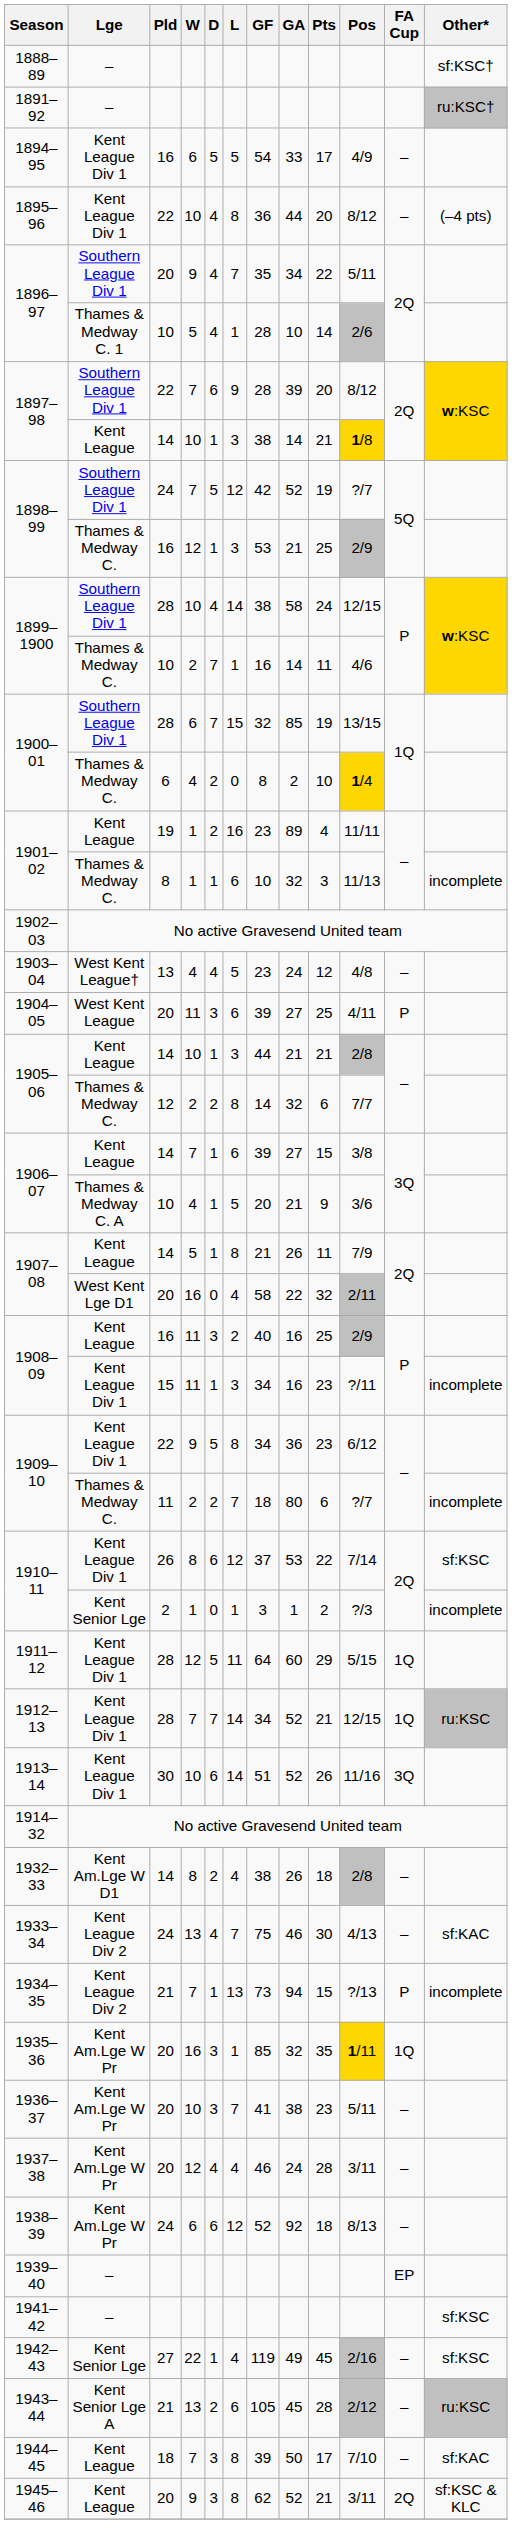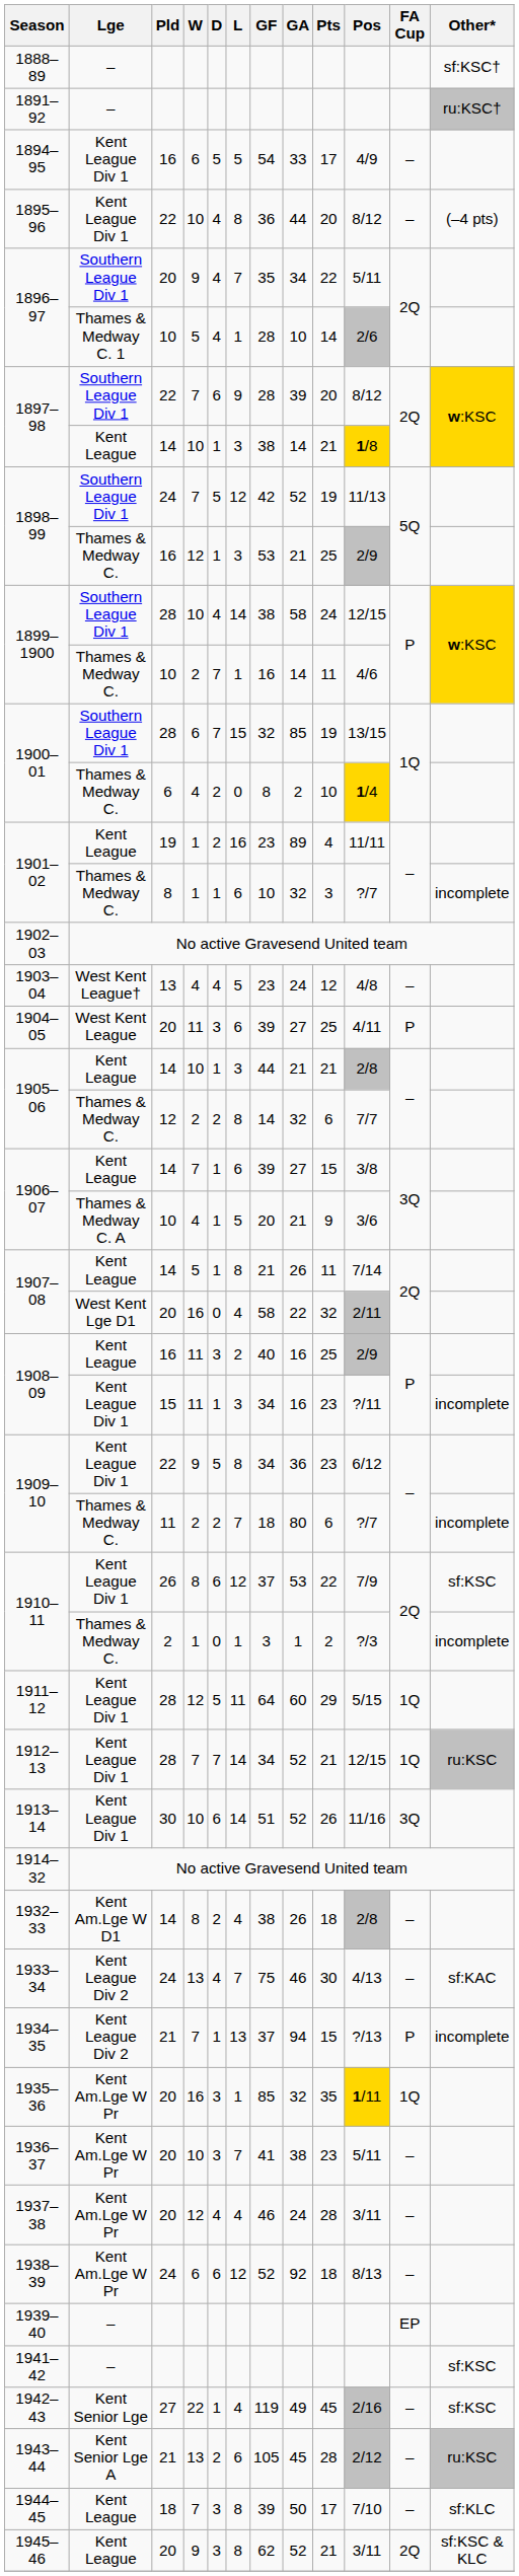 <table class="wikitable" style="width:85%; align:center; text-align:center">
 <tr>
 <th>Season</th>
 <th>Lge</th>
 <th>Pld</th>
 <th>W</th>
 <th>D</th>
 <th>L</th>
 <th>GF</th>
 <th>GA</th>
 <th>Pts</th>
 <th>Pos</th>
 <th>FA Cup</th>
 <th>Other*</th>
 </tr>
 <tr>
 <td>1888–89</td>
 <td>–</td>
 <td></td>
 <td></td>
 <td></td>
 <td></td>
 <td></td>
 <td></td>
 <td></td>
 <td></td>
 <td></td>
 <td>sf:KSC†</td>
 </tr>
 <tr>
 <td>1891–92</td>
 <td>–</td>
 <td></td>
 <td></td>
 <td></td>
 <td></td>
 <td></td>
 <td></td>
 <td></td>
 <td></td>
 <td></td>
 <td bgcolor=silver>ru:KSC†</td>
 </tr>
 <tr>
 <td>1894–95</td>
 <td>Kent League Div 1</td>
 <td>16</td>
 <td>6</td>
 <td>5</td>
 <td>5</td>
 <td>54</td>
 <td>33</td>
 <td>17</td>
 <td>4/9</td>
 <td>–</td>
 <td></td>
 </tr>
 <tr>
 <td>1895–96</td>
 <td>Kent League Div 1</td>
 <td>22</td>
 <td>10</td>
 <td>4</td>
 <td>8</td>
 <td>36</td>
 <td>44</td>
 <td>20</td>
 <td>8/12</td>
 <td>–</td>
 <td>(–4 pts)</td>
 </tr>
 <tr>
 <td Rowspan="2">1896–97</td>
 <td><a href='#'>Southern League Div 1</a></td>
 <td>20</td>
 <td>9</td>
 <td>4</td>
 <td>7</td>
 <td>35</td>
 <td>34</td>
 <td>22</td>
 <td>5/11</td>
 <td Rowspan="2">2Q</td>
 <td></td>
 </tr>
 <tr>
 <td>Thames & Medway C. 1</td>
 <td>10</td>
 <td>5</td>
 <td>4</td>
 <td>1</td>
 <td>28</td>
 <td>10</td>
 <td>14</td>
 <td bgcolor=silver>2/6</td>
 </tr>
 <tr>
 <td Rowspan="2">1897–98</td>
 <td><a href='#'>Southern League Div 1</a></td>
 <td>22</td>
 <td>7</td>
 <td>6</td>
 <td>9</td>
 <td>28</td>
 <td>39</td>
 <td>20</td>
 <td>8/12</td>
 <td Rowspan="2">2Q</td>
 <td Rowspan="2" bgcolor=gold><strong>w</strong>:KSC</td>
 </tr>
 <tr>
 <td>Kent League</td>
 <td>14</td>
 <td>10</td>
 <td>1</td>
 <td>3</td>
 <td>38</td>
 <td>14</td>
 <td>21</td>
 <td bgcolor=gold><strong>1</strong>/8</td>
 </tr>
 <tr>
 <td Rowspan="2">1898–99</td>
 <td><a href='#'>Southern League Div 1</a></td>
 <td>24</td>
 <td>7</td>
 <td>5</td>
 <td>12</td>
 <td>42</td>
 <td>52</td>
 <td>19</td>
-<td>?/7</td>
+<td>11/13</td>
 <td Rowspan="2">5Q</td>
 <td></td>
 </tr>
 <tr>
 <td>Thames & Medway C.</td>
 <td>16</td>
 <td>12</td>
 <td>1</td>
 <td>3</td>
 <td>53</td>
 <td>21</td>
 <td>25</td>
 <td bgcolor=silver>2/9</td>
 </tr>
 <tr>
 <td Rowspan="2">1899–1900</td>
 <td><a href='#'>Southern League Div 1</a></td>
 <td>28</td>
 <td>10</td>
 <td>4</td>
 <td>14</td>
 <td>38</td>
 <td>58</td>
 <td>24</td>
 <td>12/15</td>
 <td Rowspan="2">P</td>
 <td Rowspan="2" bgcolor=gold><strong>w</strong>:KSC</td>
 </tr>
 <tr>
 <td>Thames & Medway C.</td>
 <td>10</td>
 <td>2</td>
 <td>7</td>
 <td>1</td>
 <td>16</td>
 <td>14</td>
 <td>11</td>
 <td>4/6</td>
 </tr>
 <tr>
 <td Rowspan="2">1900–01</td>
 <td><a href='#'>Southern League Div 1</a></td>
 <td>28</td>
 <td>6</td>
 <td>7</td>
 <td>15</td>
 <td>32</td>
 <td>85</td>
 <td>19</td>
 <td>13/15</td>
 <td Rowspan="2">1Q</td>
 <td></td>
 </tr>
 <tr>
 <td>Thames & Medway C.</td>
 <td>6</td>
 <td>4</td>
 <td>2</td>
 <td>0</td>
 <td>8</td>
 <td>2</td>
 <td>10</td>
 <td bgcolor=gold><strong>1</strong>/4</td>
 </tr>
 <tr>
 <td Rowspan="2">1901–02</td>
 <td>Kent League</td>
 <td>19</td>
 <td>1</td>
 <td>2</td>
 <td>16</td>
 <td>23</td>
 <td>89</td>
 <td>4</td>
 <td>11/11</td>
 <td Rowspan="2">–</td>
 <td></td>
 </tr>
 <tr>
 <td>Thames & Medway C.</td>
 <td>8</td>
 <td>1</td>
 <td>1</td>
 <td>6</td>
 <td>10</td>
 <td>32</td>
 <td>3</td>
-<td>11/13</td>
+<td>?/7</td>
 <td>incomplete</td>
 </tr>
 <tr>
 <td>1902–03</td>
 <td Colspan=11>No active Gravesend United team</td>
 </tr>
 <tr>
 <td>1903–04</td>
 <td>West Kent League†</td>
 <td>13</td>
 <td>4</td>
 <td>4</td>
 <td>5</td>
 <td>23</td>
 <td>24</td>
 <td>12</td>
 <td>4/8</td>
 <td>–</td>
 <td></td>
 </tr>
 <tr>
 <td>1904–05</td>
 <td>West Kent League</td>
 <td>20</td>
 <td>11</td>
 <td>3</td>
 <td>6</td>
 <td>39</td>
 <td>27</td>
 <td>25</td>
 <td>4/11</td>
 <td>P</td>
 <td></td>
 </tr>
 <tr>
 <td Rowspan="2">1905–06</td>
 <td>Kent League</td>
 <td>14</td>
 <td>10</td>
 <td>1</td>
 <td>3</td>
 <td>44</td>
 <td>21</td>
 <td>21</td>
 <td bgcolor=silver>2/8</td>
 <td Rowspan="2">–</td>
 <td></td>
 </tr>
 <tr>
 <td>Thames & Medway C.</td>
 <td>12</td>
 <td>2</td>
 <td>2</td>
 <td>8</td>
 <td>14</td>
 <td>32</td>
 <td>6</td>
 <td>7/7</td>
 </tr>
 <tr>
 <td Rowspan="2">1906–07</td>
 <td>Kent League</td>
 <td>14</td>
 <td>7</td>
 <td>1</td>
 <td>6</td>
 <td>39</td>
 <td>27</td>
 <td>15</td>
 <td>3/8</td>
 <td Rowspan="2">3Q</td>
 <td></td>
 </tr>
 <tr>
 <td>Thames & Medway C. A</td>
 <td>10</td>
 <td>4</td>
 <td>1</td>
 <td>5</td>
 <td>20</td>
 <td>21</td>
 <td>9</td>
 <td>3/6</td>
 </tr>
 <tr>
 <td Rowspan="2">1907–08</td>
 <td>Kent League</td>
 <td>14</td>
 <td>5</td>
 <td>1</td>
 <td>8</td>
 <td>21</td>
 <td>26</td>
 <td>11</td>
-<td>7/9</td>
+<td>7/14</td>
 <td Rowspan="2">2Q</td>
 <td></td>
 </tr>
 <tr>
 <td>West Kent Lge D1</td>
 <td>20</td>
 <td>16</td>
 <td>0</td>
 <td>4</td>
 <td>58</td>
 <td>22</td>
 <td>32</td>
 <td bgcolor=silver>2/11</td>
 </tr>
 <tr>
 <td Rowspan="2">1908–09</td>
 <td>Kent League</td>
 <td>16</td>
 <td>11</td>
 <td>3</td>
 <td>2</td>
 <td>40</td>
 <td>16</td>
 <td>25</td>
 <td bgcolor=silver>2/9</td>
 <td Rowspan="2">P</td>
 <td></td>
 </tr>
 <tr>
 <td>Kent League Div 1</td>
 <td>15</td>
 <td>11</td>
 <td>1</td>
 <td>3</td>
 <td>34</td>
 <td>16</td>
 <td>23</td>
 <td>?/11</td>
 <td>incomplete</td>
 </tr>
 <tr>
 <td Rowspan="2">1909–10</td>
 <td>Kent League Div 1</td>
 <td>22</td>
 <td>9</td>
 <td>5</td>
 <td>8</td>
 <td>34</td>
 <td>36</td>
 <td>23</td>
 <td>6/12</td>
 <td Rowspan="2">–</td>
 <td></td>
 </tr>
 <tr>
 <td>Thames & Medway C.</td>
 <td>11</td>
 <td>2</td>
 <td>2</td>
 <td>7</td>
 <td>18</td>
 <td>80</td>
 <td>6</td>
 <td>?/7</td>
 <td>incomplete</td>
 </tr>
 <tr>
 <td Rowspan="2">1910–11</td>
 <td>Kent League Div 1</td>
 <td>26</td>
 <td>8</td>
 <td>6</td>
 <td>12</td>
 <td>37</td>
 <td>53</td>
 <td>22</td>
-<td>7/14</td>
+<td>7/9</td>
 <td Rowspan="2">2Q</td>
 <td>sf:KSC</td>
 </tr>
 <tr>
-<td>Kent Senior Lge</td>
+<td>Thames & Medway C.</td>
 <td>2</td>
 <td>1</td>
 <td>0</td>
 <td>1</td>
 <td>3</td>
 <td>1</td>
 <td>2</td>
 <td>?/3</td>
 <td>incomplete</td>
 </tr>
 <tr>
 <td>1911–12</td>
 <td>Kent League Div 1</td>
 <td>28</td>
 <td>12</td>
 <td>5</td>
 <td>11</td>
 <td>64</td>
 <td>60</td>
 <td>29</td>
 <td>5/15</td>
 <td>1Q</td>
 <td></td>
 </tr>
 <tr>
 <td>1912–13</td>
 <td>Kent League Div 1</td>
 <td>28</td>
 <td>7</td>
 <td>7</td>
 <td>14</td>
 <td>34</td>
 <td>52</td>
 <td>21</td>
 <td>12/15</td>
 <td>1Q</td>
 <td bgcolor=silver>ru:KSC</td>
 </tr>
 <tr>
 <td>1913–14</td>
 <td>Kent League Div 1</td>
 <td>30</td>
 <td>10</td>
 <td>6</td>
 <td>14</td>
 <td>51</td>
 <td>52</td>
 <td>26</td>
 <td>11/16</td>
 <td>3Q</td>
 <td></td>
 </tr>
 <tr>
 <td>1914–32</td>
 <td Colspan=11>No active Gravesend United team</td>
 </tr>
 <tr>
 <td>1932–33</td>
 <td>Kent Am.Lge W D1</td>
 <td>14</td>
 <td>8</td>
 <td>2</td>
 <td>4</td>
 <td>38</td>
 <td>26</td>
 <td>18</td>
 <td bgcolor=silver>2/8</td>
 <td>–</td>
 <td></td>
 </tr>
 <tr>
 <td>1933–34</td>
 <td>Kent League Div 2</td>
 <td>24</td>
 <td>13</td>
 <td>4</td>
 <td>7</td>
 <td>75</td>
 <td>46</td>
 <td>30</td>
 <td>4/13</td>
 <td>–</td>
 <td>sf:KAC</td>
 </tr>
 <tr>
 <td>1934–35</td>
 <td>Kent League Div 2</td>
 <td>21</td>
 <td>7</td>
 <td>1</td>
 <td>13</td>
-<td>73</td>
+<td>37</td>
 <td>94</td>
 <td>15</td>
 <td>?/13</td>
 <td>P</td>
 <td>incomplete</td>
 </tr>
 <tr>
 <td>1935–36</td>
 <td>Kent Am.Lge W Pr</td>
 <td>20</td>
 <td>16</td>
 <td>3</td>
 <td>1</td>
 <td>85</td>
 <td>32</td>
 <td>35</td>
 <td bgcolor=gold><strong>1</strong>/11</td>
 <td>1Q</td>
 <td></td>
 </tr>
 <tr>
 <td>1936–37</td>
 <td>Kent Am.Lge W Pr</td>
 <td>20</td>
 <td>10</td>
 <td>3</td>
 <td>7</td>
 <td>41</td>
 <td>38</td>
 <td>23</td>
 <td>5/11</td>
 <td>–</td>
 <td></td>
 </tr>
 <tr>
 <td>1937–38</td>
 <td>Kent Am.Lge W Pr</td>
 <td>20</td>
 <td>12</td>
 <td>4</td>
 <td>4</td>
 <td>46</td>
 <td>24</td>
 <td>28</td>
 <td>3/11</td>
 <td>–</td>
 <td></td>
 </tr>
 <tr>
 <td>1938–39</td>
 <td>Kent Am.Lge W Pr</td>
 <td>24</td>
 <td>6</td>
 <td>6</td>
 <td>12</td>
 <td>52</td>
 <td>92</td>
 <td>18</td>
 <td>8/13</td>
 <td>–</td>
 <td></td>
 </tr>
 <tr>
 <td>1939–40</td>
 <td>–</td>
 <td></td>
 <td></td>
 <td></td>
 <td></td>
 <td></td>
 <td></td>
 <td></td>
 <td></td>
 <td>EP</td>
 <td></td>
 </tr>
 <tr>
 <td>1941–42</td>
 <td>–</td>
 <td></td>
 <td></td>
 <td></td>
 <td></td>
 <td></td>
 <td></td>
 <td></td>
 <td></td>
 <td></td>
 <td>sf:KSC</td>
 </tr>
 <tr>
 <td>1942–43</td>
 <td>Kent Senior Lge</td>
 <td>27</td>
 <td>22</td>
 <td>1</td>
 <td>4</td>
 <td>119</td>
 <td>49</td>
 <td>45</td>
 <td bgcolor=silver>2/16</td>
 <td>–</td>
 <td>sf:KSC</td>
 </tr>
 <tr>
 <td>1943–44</td>
 <td>Kent Senior Lge A</td>
 <td>21</td>
 <td>13</td>
 <td>2</td>
 <td>6</td>
 <td>105</td>
 <td>45</td>
 <td>28</td>
 <td bgcolor=silver>2/12</td>
 <td>–</td>
 <td bgcolor=silver>ru:KSC</td>
 </tr>
 <tr>
 <td>1944–45</td>
 <td>Kent League</td>
 <td>18</td>
 <td>7</td>
 <td>3</td>
 <td>8</td>
 <td>39</td>
 <td>50</td>
 <td>17</td>
 <td>7/10</td>
 <td>–</td>
-<td>sf:KAC</td>
+<td>sf:KLC</td>
 </tr>
 <tr>
 <td>1945–46</td>
 <td>Kent League</td>
 <td>20</td>
 <td>9</td>
 <td>3</td>
 <td>8</td>
 <td>62</td>
 <td>52</td>
 <td>21</td>
 <td>3/11</td>
 <td>2Q</td>
 <td>sf:KSC & KLC</td>
 </tr>
 <tr>
 </tr>
 </table>
